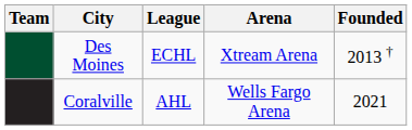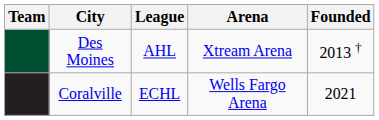 <table class="wikitable sortable" width="60%">
 <tr>
 <th>Team</th>
 <th>City</th>
 <th>League</th>
 <th>Arena</th>
 <th>Founded</th>
 </tr>
 <tr align=center>
 <td style="color:white; background:#004F30; "><strong><a href='#'></a></strong></td>
 <td><a href='#'>Des Moines</a></td>
-<td><a href='#'>ECHL</a></td>
+<td><a href='#'>AHL</a></td>
 <td><a href='#'>Xtream Arena</a></td>
 <td>2013 <sup>†</sup></td>
 </tr>
 <tr align=center>
 <td style="color:white; background:#231F20; "><strong><a href='#'></a></strong></td>
 <td><a href='#'>Coralville</a></td>
-<td><a href='#'>AHL</a></td>
+<td><a href='#'>ECHL</a></td>
 <td><a href='#'>Wells Fargo Arena</a></td>
 <td>2021</td>
 </tr>
 </table>
